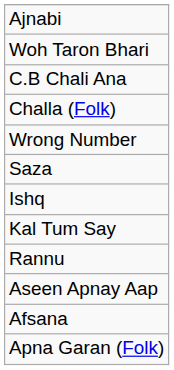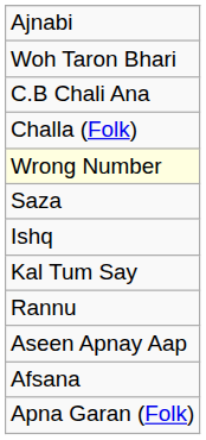 <table class="wikitable">
 <tr style="background:#ccc; text-align:center;">
 </tr>
 <tr>
 <td>Ajnabi</td>
 </tr>
 <tr>
 <td>Woh Taron Bhari</td>
 </tr>
 <tr>
 <td>C.B Chali Ana</td>
 </tr>
 <tr>
 <td>Challa (<a href='#'>Folk</a>)</td>
 </tr>
 <tr>
-<td>Wrong Number</td>
+<td style="background: lightyellow;">Wrong Number</td>
 </tr>
 <tr>
 <td>Saza</td>
 </tr>
 <tr>
 <td>Ishq</td>
 </tr>
 <tr>
 <td>Kal Tum Say</td>
 </tr>
 <tr>
 <td>Rannu</td>
 </tr>
 <tr>
 <td>Aseen Apnay Aap</td>
 </tr>
 <tr>
 <td>Afsana</td>
 </tr>
 <tr>
 <td>Apna Garan (<a href='#'>Folk</a>)</td>
 </tr>
 </table>
